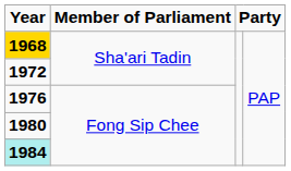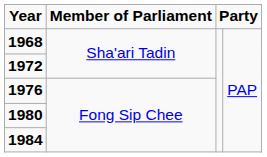 <table class="wikitable" align="center" style="text-align:center">
 <tr>
 <td><strong>Year</strong></td>
 <td><strong>Member of Parliament</strong></td>
 <td colspan="2"><strong>Party</strong></td>
 </tr>
 <tr>
-<td style="background: gold;"><strong>1968</strong></td>
+<td><strong>1968</strong></td>
 <td rowspan="2"><a href='#'>Sha'ari Tadin</a></td>
 <td rowspan="5"></td>
 <td rowspan="5"><a href='#'>PAP</a></td>
 </tr>
 <tr>
 <td><strong>1972</strong></td>
 </tr>
 <tr>
 <td><strong>1976</strong></td>
 <td rowspan="3"><a href='#'>Fong Sip Chee</a></td>
 </tr>
 <tr>
 <td><strong>1980</strong></td>
 </tr>
 <tr>
-<td style="background: paleturquoise;"><strong>1984</strong></td>
+<td><strong>1984</strong></td>
 </tr>
 </table>
